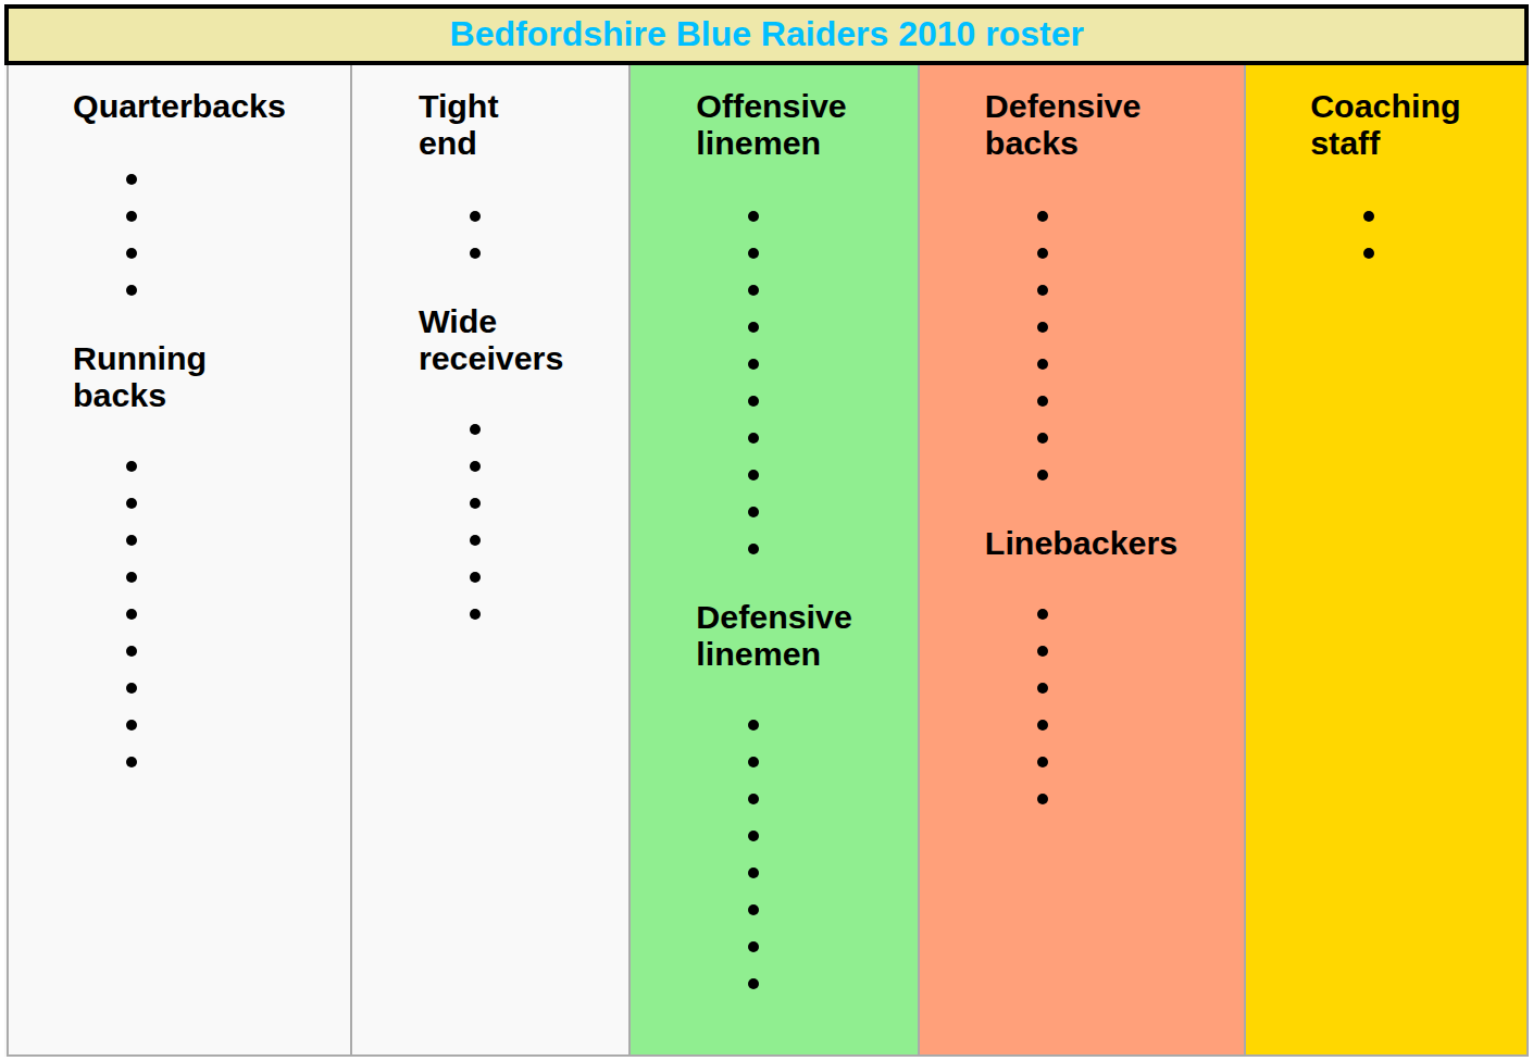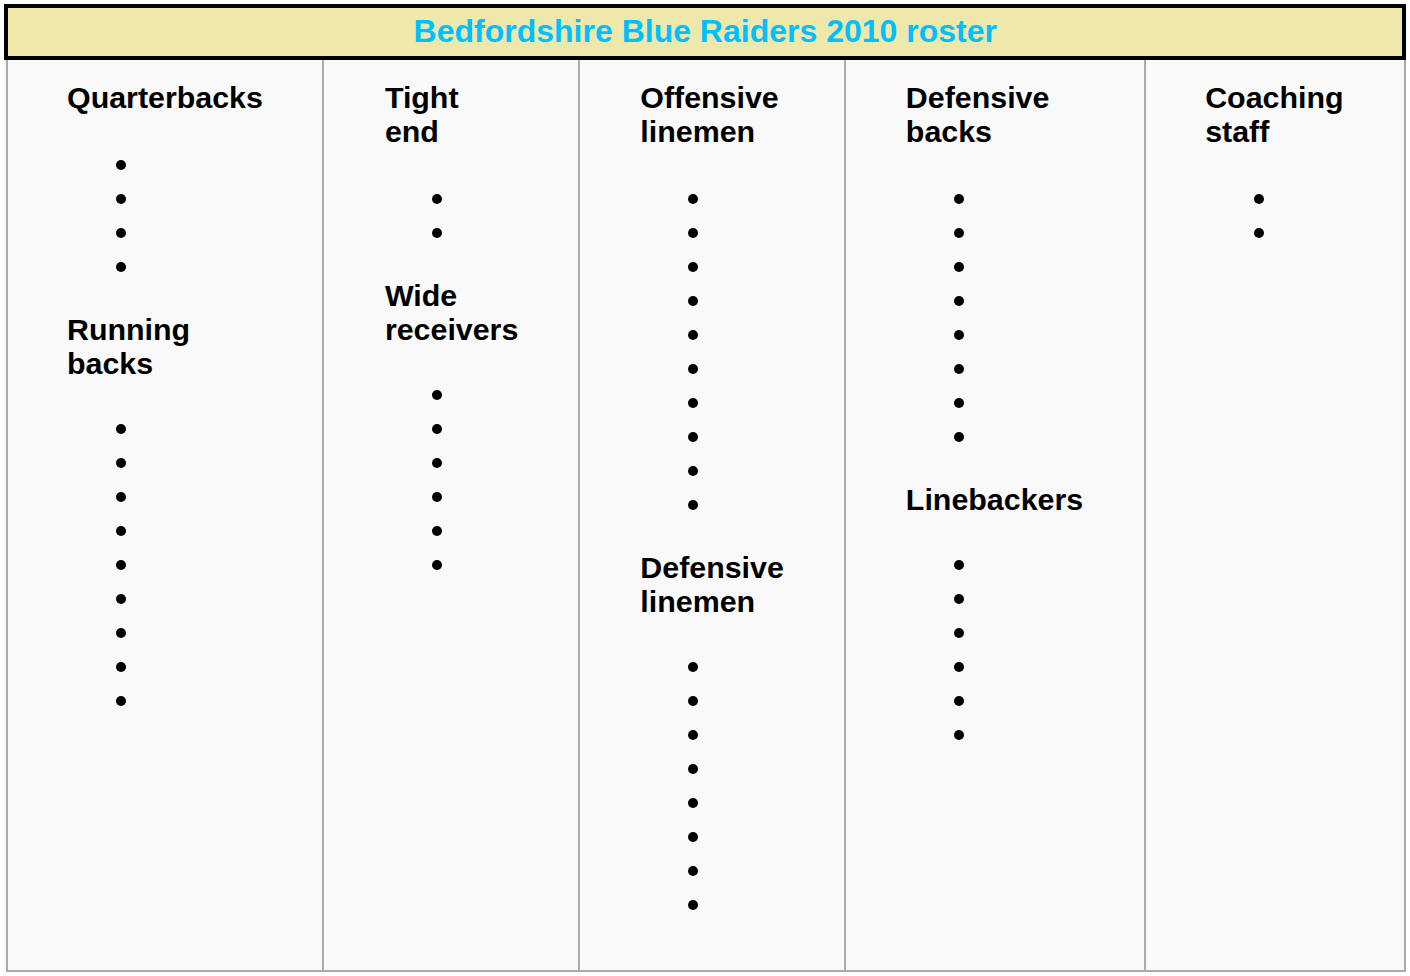 <table class="wikitable" style="text-align: left; width: 95%; border: solid black 1px;">
 <tr>
 <th colspan=10 style="background-color: #EEE8AA; text-align: center; border: solid black 2px; color: #00BFFF;">Bedfordshire Blue Raiders 2010 roster</th>
 </tr>
 <tr>
 <td style="font-size: 95%; padding: 10px 30px;" valign="top"><strong>Quarterbacks</strong><br><ul><li></li><li></li><li></li><li></li></ul><strong>Running backs</strong><ul><li></li><li></li><li></li><li></li><li></li><li></li><li></li><li></li><li></li></ul></td>
 <td style="font-size: 95%; padding: 10px 30px;" valign="top"><strong>Tight end</strong><br><ul><li></li><li></li></ul><strong>Wide receivers</strong><ul><li></li><li></li><li></li><li></li><li></li><li></li></ul></td>
-<td style="background: lightgreen; font-size: 95%; padding: 10px 30px;" valign="top"><strong>Offensive linemen</strong><br><ul><li></li><li></li><li></li><li></li><li></li><li></li><li></li><li></li><li></li><li></li></ul><strong>Defensive linemen</strong><ul><li></li><li></li><li></li><li></li><li></li><li></li><li></li><li></li></ul></td>
-<td style="background: lightsalmon; font-size: 95%; padding: 10px 30px;" valign="top"><strong>Defensive backs</strong><br><ul><li></li><li></li><li></li><li></li><li></li><li></li><li></li><li></li></ul><strong>Linebackers</strong><ul><li></li><li></li><li></li><li></li><li></li><li></li></ul></td>
-<td style="background: gold; font-size: 95%; padding: 10px 30px;" valign="top"><strong>Coaching staff</strong><br><ul><li></li><li></li></ul></td>
+<td style="font-size: 95%; padding: 10px 30px;" valign="top"><strong>Offensive linemen</strong><br><ul><li></li><li></li><li></li><li></li><li></li><li></li><li></li><li></li><li></li><li></li></ul><strong>Defensive linemen</strong><ul><li></li><li></li><li></li><li></li><li></li><li></li><li></li><li></li></ul></td>
+<td style="font-size: 95%; padding: 10px 30px;" valign="top"><strong>Defensive backs</strong><br><ul><li></li><li></li><li></li><li></li><li></li><li></li><li></li><li></li></ul><strong>Linebackers</strong><ul><li></li><li></li><li></li><li></li><li></li><li></li></ul></td>
+<td style="font-size: 95%; padding: 10px 30px;" valign="top"><strong>Coaching staff</strong><br><ul><li></li><li></li></ul></td>
 </tr>
 </table>
